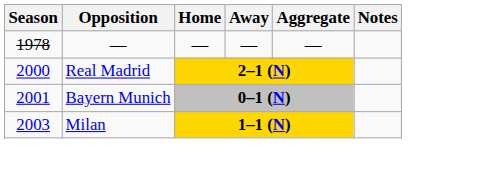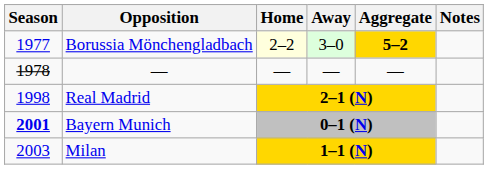 <table class="wikitable sortable">
 <tr>
 <th>Season</th>
 <th>Opposition</th>
 <th>Home</th>
 <th>Away</th>
 <th>Aggregate</th>
 <th>Notes</th>
 </tr>
 <tr>
+<td align=center><a href='#'>1977</a></td>
+<td> <a href='#'>Borussia Mönchengladbach</a></td>
+<td style="text-align:center; background:#ffd;">2–2</td>
+<td style="text-align:center; background:#dfd;">3–0</td>
+<td bgcolor=Gold style="text-align:center;"><strong>5–2</strong></td>
+<td></td>
+</tr>
+<tr>
 <td align=center><s>1978</s></td>
 <td style="text-align:center;">—</td>
 <td style="text-align:center;">—</td>
 <td style="text-align:center;">—</td>
 <td style="text-align:center;">—</td>
 <td style="text-align:center;"></td>
 </tr>
 <tr>
-<td align=center><a href='#'>2000</a></td>
+<td align=center><a href='#'>1998</a></td>
 <td> <a href='#'>Real Madrid</a></td>
 <td bgcolor=Gold colspan="3" style="text-align:center;"><strong>2–1 (<a href='#'>N</a>)</strong></td>
 <td></td>
 </tr>
 <tr>
-<td align=center><a href='#'>2001</a></td>
+<td align=center><strong><a href='#'>2001</a></strong></td>
 <td> <a href='#'>Bayern Munich</a></td>
 <td bgcolor=silver colspan="3" style="text-align:center;"><strong>0–1  (<a href='#'>N</a>)</strong></td>
 <td></td>
 </tr>
 <tr>
 <td align=center><a href='#'>2003</a></td>
 <td> <a href='#'>Milan</a></td>
 <td bgcolor=Gold colspan="3" style="text-align:center;"><strong>1–1    (<a href='#'>N</a>)</strong></td>
 <td></td>
 </tr>
 </table>
